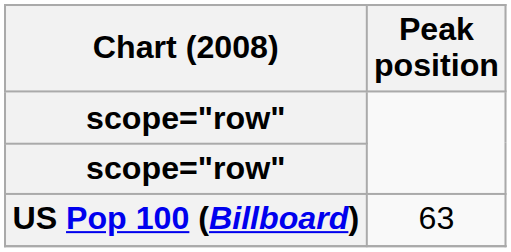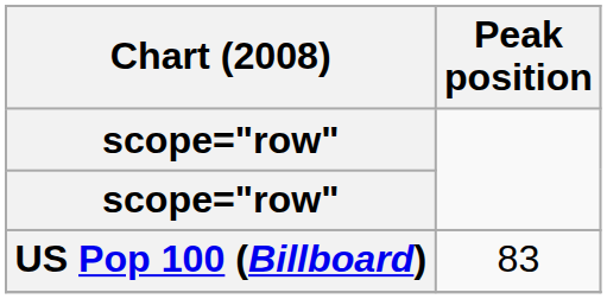 <table class="wikitable plainrowheaders sortable">
 <tr>
 <th scope="col">Chart (2008)</th>
 <th scope="col">Peak<br>position</th>
 </tr>
 <tr>
 <th>scope="row" </th>
 </tr>
 <tr>
 <th>scope="row" </th>
 </tr>
 <tr>
 <th scope="row">US <a href='#'>Pop 100</a> (<em><a href='#'>Billboard</a></em>)</th>
-<td align="center">63</td>
+<td align="center">83</td>
 </tr>
 <tr>
 </tr>
 </table>
